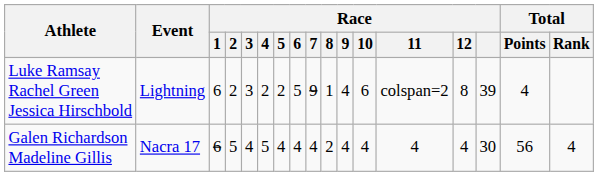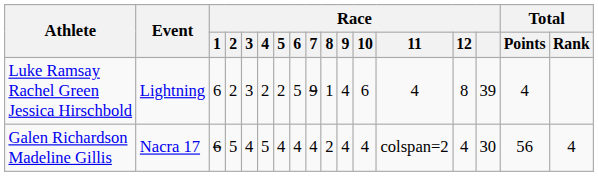 <table class=wikitable style=font-size:90%;text-align:center>
 <tr>
 <th rowspan=2>Athlete</th>
 <th rowspan=2>Event</th>
 <th colspan=13>Race</th>
 <th colspan=2>Total</th>
 </tr>
 <tr style=font-size:95%>
 <th>1</th>
 <th>2</th>
 <th>3</th>
 <th>4</th>
 <th>5</th>
 <th>6</th>
 <th>7</th>
 <th>8</th>
 <th>9</th>
 <th>10</th>
 <th>11</th>
 <th>12</th>
 <th></th>
 <th>Points</th>
 <th>Rank</th>
 </tr>
 <tr>
 <td align=left><a href='#'>Luke Ramsay</a><br><a href='#'>Rachel Green</a><br><a href='#'>Jessica Hirschbold</a></td>
 <td align=left><a href='#'>Lightning</a></td>
 <td>6</td>
 <td>2</td>
 <td>3</td>
 <td>2</td>
 <td>2</td>
 <td>5</td>
 <td><s>9<br></s></td>
 <td>1</td>
 <td>4</td>
 <td>6</td>
-<td>colspan=2 </td>
+<td>4</td>
 <td>8</td>
 <td>39</td>
 <td>4</td>
 </tr>
 <tr>
 <td align=left><a href='#'>Galen Richardson</a><br><a href='#'>Madeline Gillis</a></td>
 <td align=left><a href='#'>Nacra 17</a></td>
 <td><s>6</s></td>
 <td>5</td>
 <td>4</td>
 <td>5</td>
 <td>4</td>
 <td>4</td>
 <td>4</td>
 <td>2</td>
 <td>4</td>
 <td>4</td>
-<td>4</td>
+<td>colspan=2 </td>
 <td>4</td>
 <td>30</td>
 <td>56</td>
 <td>4</td>
 </tr>
 </table>
